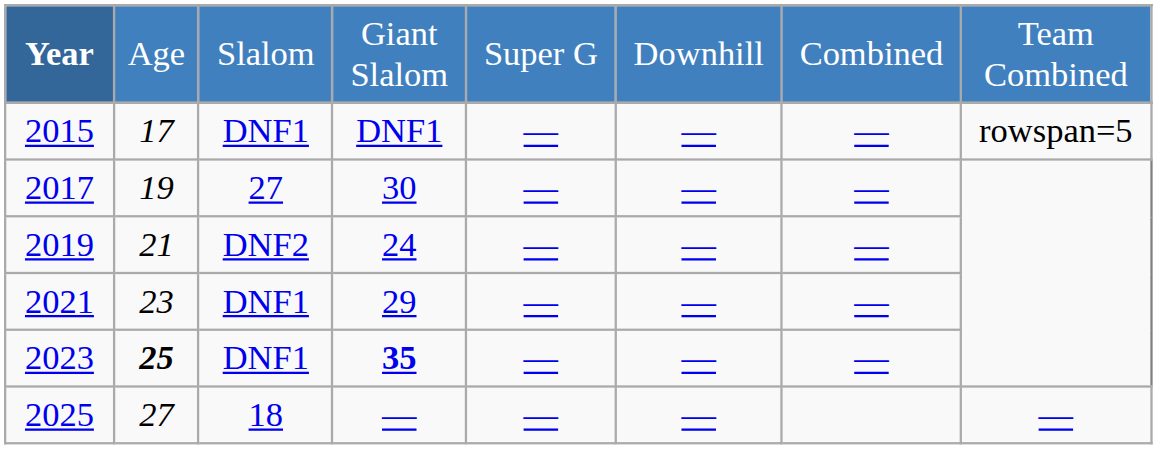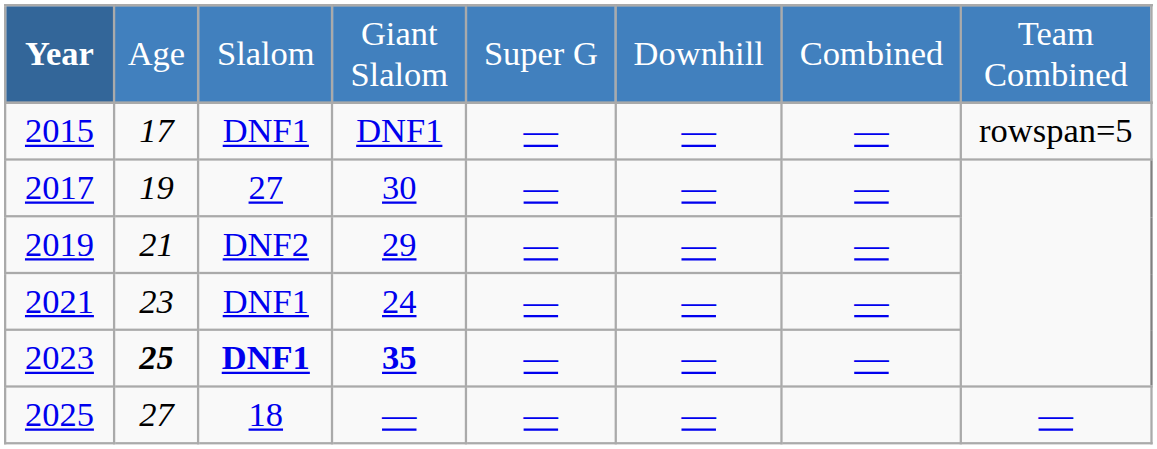 <table class="wikitable" style="font-size:95%; text-align:center; border:grey solid 1px; border-collapse:collapse;" width="40%">
 <tr style="background-color:#369; color:white;">
 <td rowspan="2" colspan="1" width="6%"><strong>Year</strong></td>
 </tr>
 <tr style="background-color:#4180be; color:white;">
 <td width="3%">Age</td>
 <td width="5%">Slalom</td>
 <td width="5%">Giant<br>Slalom</td>
 <td width="5%">Super G</td>
 <td width="5%">Downhill</td>
 <td width="5%">Combined</td>
 <td width="5%">Team<br>Combined</td>
 </tr>
 <tr style="background-color:#8CB2D8; color:white;">
 </tr>
 <tr>
 <td><a href='#'>2015</a></td>
 <td><em>17</em></td>
 <td><a href='#'>DNF1</a></td>
 <td><a href='#'>DNF1</a></td>
 <td><a href='#'>—</a></td>
 <td><a href='#'>—</a></td>
 <td><a href='#'>—</a></td>
 <td>rowspan=5</td>
 </tr>
 <tr>
 <td><a href='#'>2017</a></td>
 <td><em>19</em></td>
 <td><a href='#'>27</a></td>
 <td><a href='#'>30</a></td>
 <td><a href='#'>—</a></td>
 <td><a href='#'>—</a></td>
 <td><a href='#'>—</a></td>
 </tr>
 <tr>
 <td><a href='#'>2019</a></td>
 <td><em>21</em></td>
 <td><a href='#'>DNF2</a></td>
-<td><a href='#'>24</a></td>
+<td><a href='#'>29</a></td>
 <td><a href='#'>—</a></td>
 <td><a href='#'>—</a></td>
 <td><a href='#'>—</a></td>
 </tr>
 <tr>
 <td><a href='#'>2021</a></td>
 <td><em>23</em></td>
 <td><a href='#'>DNF1</a></td>
-<td><a href='#'>29</a></td>
+<td><a href='#'>24</a></td>
 <td><a href='#'>—</a></td>
 <td><a href='#'>—</a></td>
 <td><a href='#'>—</a></td>
 </tr>
 <tr>
 <td><a href='#'>2023</a></td>
 <td><strong><em>25</em></strong></td>
-<td><a href='#'>DNF1</a></td>
+<td><strong><a href='#'>DNF1</a></strong></td>
 <td><strong><a href='#'>35</a></strong></td>
 <td><a href='#'>—</a></td>
 <td><a href='#'>—</a></td>
 <td><a href='#'>—</a></td>
 </tr>
 <tr>
 <td><a href='#'>2025</a></td>
 <td><em>27</em></td>
 <td><a href='#'>18</a></td>
 <td><a href='#'>—</a></td>
 <td><a href='#'>—</a></td>
 <td><a href='#'>—</a></td>
 <td></td>
 <td><a href='#'>—</a></td>
 </tr>
 </table>
